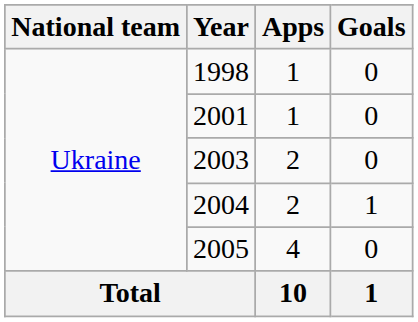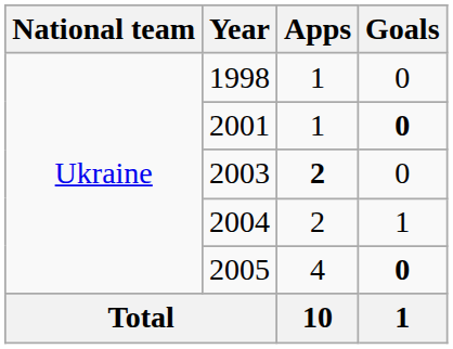 <table class="wikitable" style="text-align:center">
 <tr>
 <th>National team</th>
 <th>Year</th>
 <th>Apps</th>
 <th>Goals</th>
 </tr>
 <tr>
 <td rowspan="5"><a href='#'>Ukraine</a></td>
 <td>1998</td>
 <td>1</td>
 <td>0</td>
 </tr>
 <tr>
 <td>2001</td>
 <td>1</td>
-<td>0</td>
+<td><strong>0</strong></td>
 </tr>
 <tr>
 <td>2003</td>
-<td>2</td>
+<td><strong>2</strong></td>
 <td>0</td>
 </tr>
 <tr>
 <td>2004</td>
 <td>2</td>
 <td>1</td>
 </tr>
 <tr>
 <td>2005</td>
 <td>4</td>
-<td>0</td>
+<td><strong>0</strong></td>
 </tr>
 <tr>
 <th colspan="2">Total</th>
 <th>10</th>
 <th>1</th>
 </tr>
 </table>
